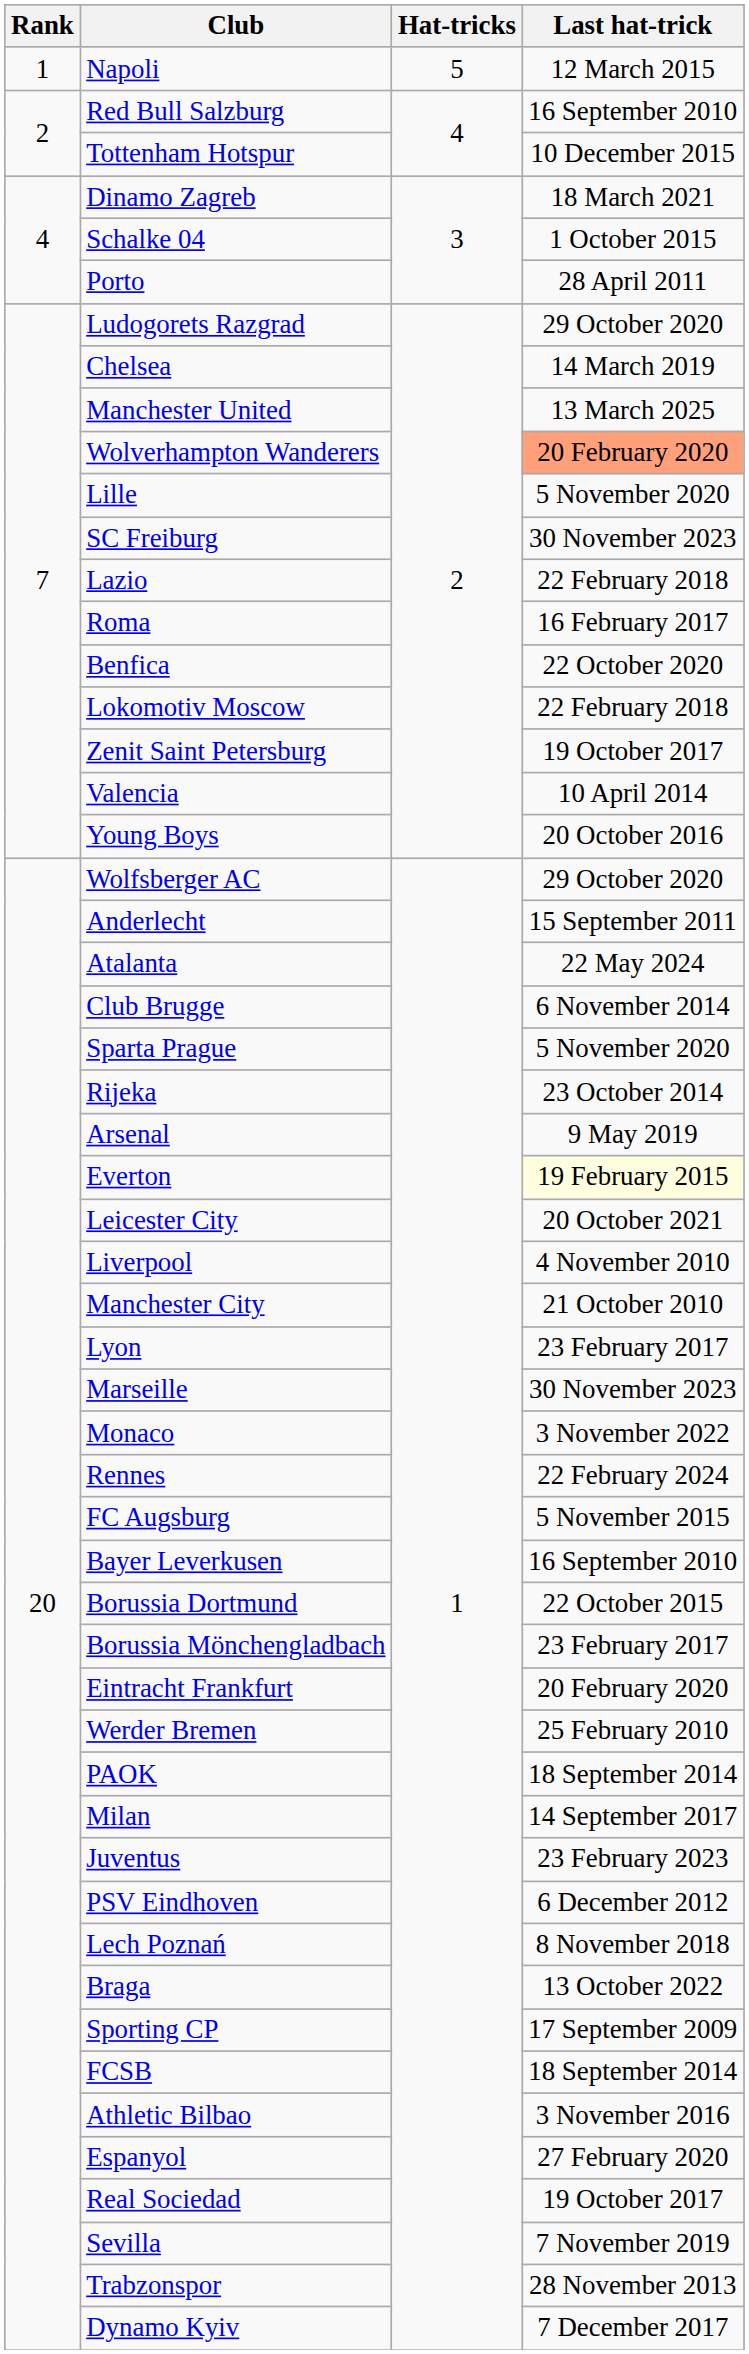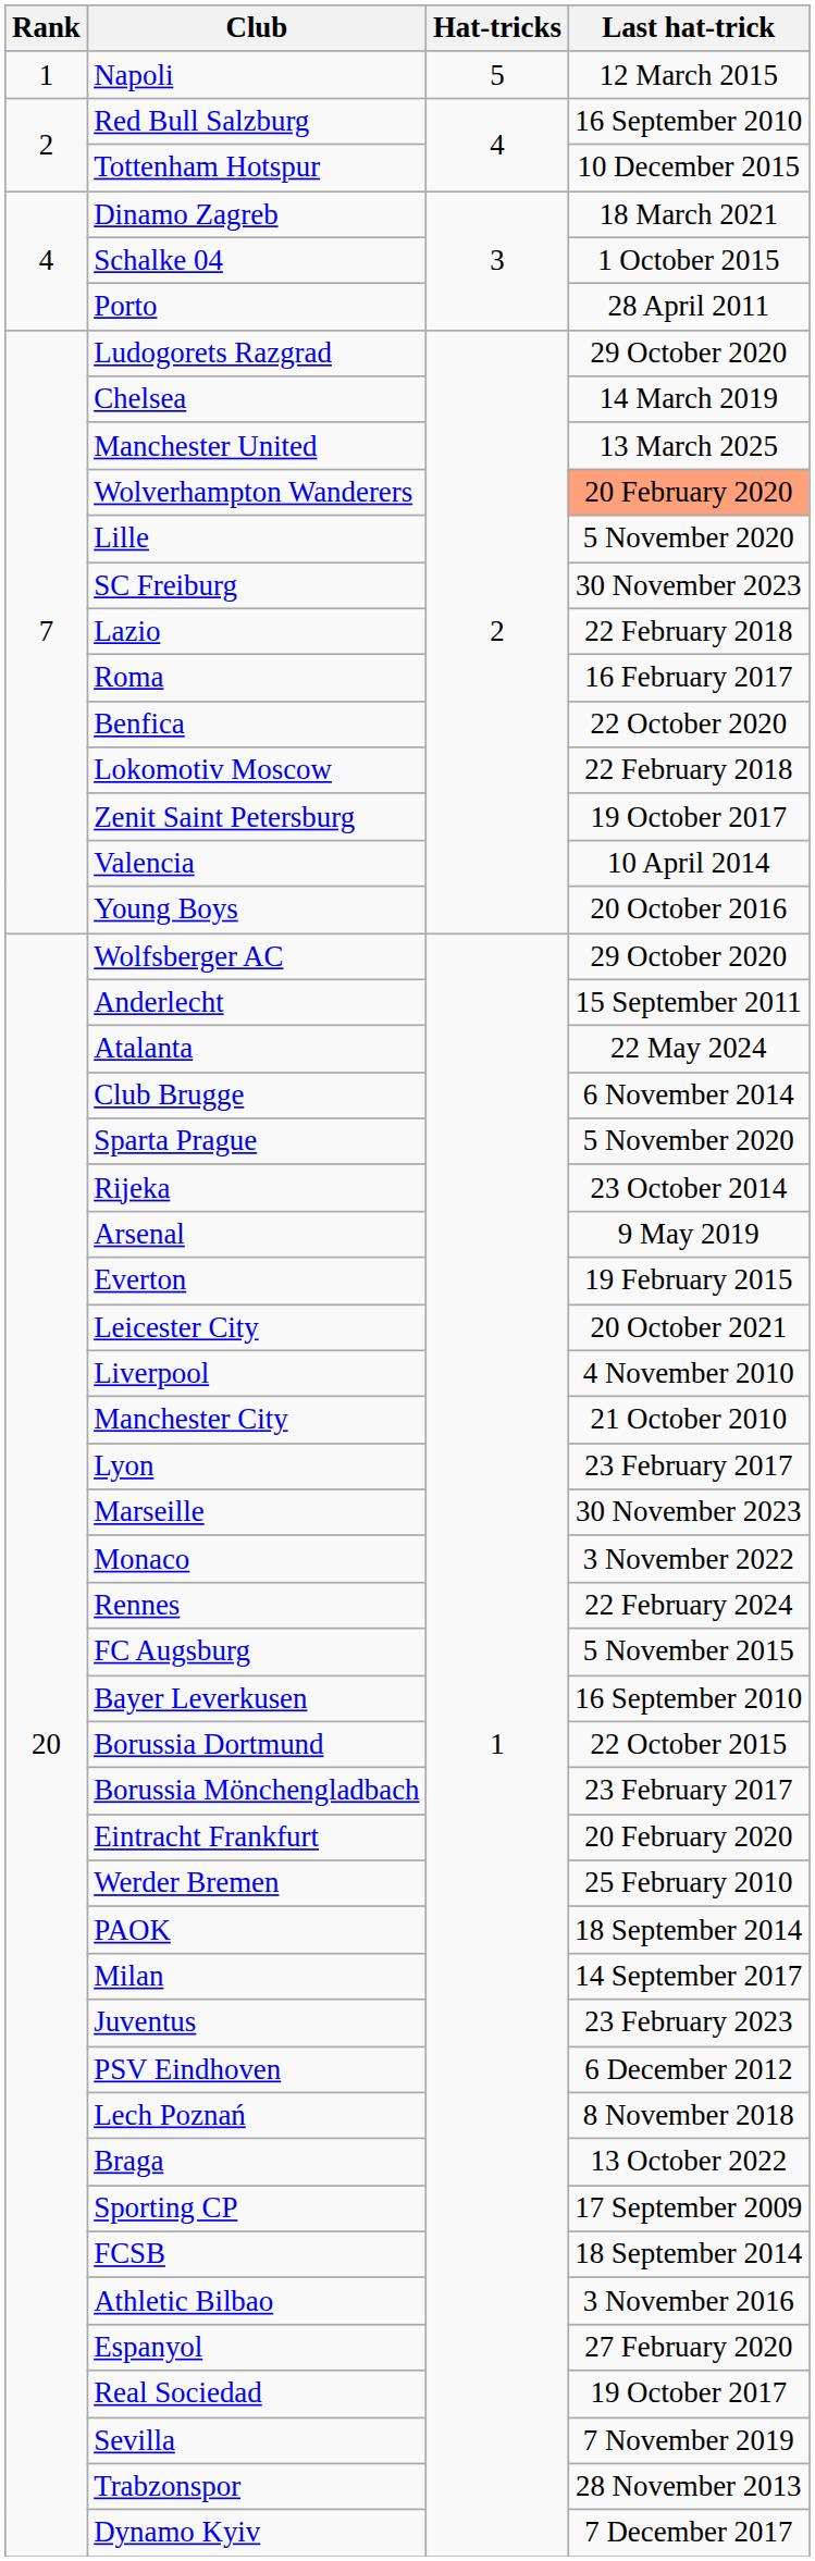 <table class="wikitable sortable plainrowheaders" style="text-align:center">
 <tr>
 <th scope="col">Rank</th>
 <th scope="col">Club</th>
 <th scope="col">Hat-tricks</th>
 <th scope="col">Last hat-trick</th>
 </tr>
 <tr>
 <td>1</td>
 <td scope='row' style='text-align:left'> <a href='#'>Napoli</a></td>
 <td>5</td>
 <td>12 March 2015</td>
 </tr>
 <tr>
 <td rowspan="2">2</td>
 <td scope='row' style='text-align:left'> <a href='#'>Red Bull Salzburg</a></td>
 <td rowspan="2">4</td>
 <td>16 September 2010</td>
 </tr>
 <tr>
 <td scope='row' style='text-align:left'> <a href='#'>Tottenham Hotspur</a></td>
 <td>10 December 2015</td>
 </tr>
 <tr>
 <td rowspan="3">4</td>
 <td scope='row' style='text-align:left'> <a href='#'>Dinamo Zagreb</a></td>
 <td rowspan="3">3</td>
 <td>18 March 2021</td>
 </tr>
 <tr>
 <td scope='row' style='text-align:left'> <a href='#'>Schalke 04</a></td>
 <td>1 October 2015</td>
 </tr>
 <tr>
 <td scope='row' style='text-align:left'> <a href='#'>Porto</a></td>
 <td>28 April 2011</td>
 </tr>
 <tr>
 <td rowspan="13">7</td>
 <td scope='row' style='text-align:left'> <a href='#'>Ludogorets Razgrad</a></td>
 <td rowspan="13">2</td>
 <td>29 October 2020</td>
 </tr>
 <tr>
 <td scope='row' style='text-align:left'> <a href='#'>Chelsea</a></td>
 <td>14 March 2019</td>
 </tr>
 <tr>
 <td scope='row' style='text-align:left'> <a href='#'>Manchester United</a></td>
 <td>13 March 2025</td>
 </tr>
 <tr>
 <td scope='row' style='text-align:left'> <a href='#'>Wolverhampton Wanderers</a></td>
 <td style="background: lightsalmon;">20 February 2020</td>
 </tr>
 <tr>
 <td scope='row' style='text-align:left'> <a href='#'>Lille</a></td>
 <td>5 November 2020</td>
 </tr>
 <tr>
 <td scope='row' style='text-align:left'> <a href='#'>SC Freiburg</a></td>
 <td>30 November 2023</td>
 </tr>
 <tr>
 <td scope='row' style='text-align:left'> <a href='#'>Lazio</a></td>
 <td>22 February 2018</td>
 </tr>
 <tr>
 <td scope='row' style='text-align:left'> <a href='#'>Roma</a></td>
 <td>16 February 2017</td>
 </tr>
 <tr>
 <td scope='row' style='text-align:left'> <a href='#'>Benfica</a></td>
 <td>22 October 2020</td>
 </tr>
 <tr>
 <td scope='row' style='text-align:left'> <a href='#'>Lokomotiv Moscow</a></td>
 <td>22 February 2018</td>
 </tr>
 <tr>
 <td scope='row' style='text-align:left'> <a href='#'>Zenit Saint Petersburg</a></td>
 <td>19 October 2017</td>
 </tr>
 <tr>
 <td scope='row' style='text-align:left'> <a href='#'>Valencia</a></td>
 <td>10 April 2014</td>
 </tr>
 <tr>
 <td scope='row' style='text-align:left'> <a href='#'>Young Boys</a></td>
 <td>20 October 2016</td>
 </tr>
 <tr>
 <td rowspan="35">20</td>
 <td scope='row' style='text-align:left'> <a href='#'>Wolfsberger AC</a></td>
 <td rowspan="35">1</td>
 <td>29 October 2020</td>
 </tr>
 <tr>
 <td scope='row' style='text-align:left'> <a href='#'>Anderlecht</a></td>
 <td>15 September 2011</td>
 </tr>
 <tr>
 <td scope='row' style='text-align:left'> <a href='#'>Atalanta</a></td>
 <td>22 May 2024</td>
 </tr>
 <tr>
 <td scope='row' style='text-align:left'> <a href='#'>Club Brugge</a></td>
 <td>6 November 2014</td>
 </tr>
 <tr>
 <td scope='row' style='text-align:left'> <a href='#'>Sparta Prague</a></td>
 <td>5 November 2020</td>
 </tr>
 <tr>
 <td scope='row' style='text-align:left'> <a href='#'>Rijeka</a></td>
 <td>23 October 2014</td>
 </tr>
 <tr>
 <td scope='row' style='text-align:left'> <a href='#'>Arsenal</a></td>
 <td>9 May 2019</td>
 </tr>
 <tr>
 <td scope='row' style='text-align:left'> <a href='#'>Everton</a></td>
-<td style="background: lightyellow;">19 February 2015</td>
+<td>19 February 2015</td>
 </tr>
 <tr>
 <td scope='row' style='text-align:left'> <a href='#'>Leicester City</a></td>
 <td>20 October 2021</td>
 </tr>
 <tr>
 <td scope='row' style='text-align:left'> <a href='#'>Liverpool</a></td>
 <td>4 November 2010</td>
 </tr>
 <tr>
 <td scope='row' style='text-align:left'> <a href='#'>Manchester City</a></td>
 <td>21 October 2010</td>
 </tr>
 <tr>
 <td scope='row' style='text-align:left'> <a href='#'>Lyon</a></td>
 <td>23 February 2017</td>
 </tr>
 <tr>
 <td scope='row' style='text-align:left'> <a href='#'>Marseille</a></td>
 <td>30 November 2023</td>
 </tr>
 <tr>
 <td scope='row' style='text-align:left'> <a href='#'>Monaco</a></td>
 <td>3 November 2022</td>
 </tr>
 <tr>
 <td scope='row' style='text-align:left'> <a href='#'>Rennes</a></td>
 <td>22 February 2024</td>
 </tr>
 <tr>
 <td scope='row' style='text-align:left'> <a href='#'>FC Augsburg</a></td>
 <td>5 November 2015</td>
 </tr>
 <tr>
 <td scope='row' style='text-align:left'> <a href='#'>Bayer Leverkusen</a></td>
 <td>16 September 2010</td>
 </tr>
 <tr>
 <td scope='row' style='text-align:left'> <a href='#'>Borussia Dortmund</a></td>
 <td>22 October 2015</td>
 </tr>
 <tr>
 <td scope='row' style='text-align:left'> <a href='#'>Borussia Mönchengladbach</a></td>
 <td>23 February 2017</td>
 </tr>
 <tr>
 <td scope='row' style='text-align:left'> <a href='#'>Eintracht Frankfurt</a></td>
 <td>20 February 2020</td>
 </tr>
 <tr>
 <td scope='row' style='text-align:left'> <a href='#'>Werder Bremen</a></td>
 <td>25 February 2010</td>
 </tr>
 <tr>
 <td scope='row' style='text-align:left'> <a href='#'>PAOK</a></td>
 <td>18 September 2014</td>
 </tr>
 <tr>
 <td scope='row' style='text-align:left'> <a href='#'>Milan</a></td>
 <td>14 September 2017</td>
 </tr>
 <tr>
 <td scope='row' style='text-align:left'> <a href='#'>Juventus</a></td>
 <td>23 February 2023</td>
 </tr>
 <tr>
 <td scope='row' style='text-align:left'> <a href='#'>PSV Eindhoven</a></td>
 <td>6 December 2012</td>
 </tr>
 <tr>
 <td scope='row' style='text-align:left'> <a href='#'>Lech Poznań</a></td>
 <td>8 November 2018</td>
 </tr>
 <tr>
 <td scope='row' style='text-align:left'> <a href='#'>Braga</a></td>
 <td>13 October 2022</td>
 </tr>
 <tr>
 <td scope='row' style='text-align:left'> <a href='#'>Sporting CP</a></td>
 <td>17 September 2009</td>
 </tr>
 <tr>
 <td scope='row' style='text-align:left'> <a href='#'>FCSB</a></td>
 <td>18 September 2014</td>
 </tr>
 <tr>
 <td scope='row' style='text-align:left'> <a href='#'>Athletic Bilbao</a></td>
 <td>3 November 2016</td>
 </tr>
 <tr>
 <td scope='row' style='text-align:left'> <a href='#'>Espanyol</a></td>
 <td>27 February 2020</td>
 </tr>
 <tr>
 <td scope='row' style='text-align:left'> <a href='#'>Real Sociedad</a></td>
 <td>19 October 2017</td>
 </tr>
 <tr>
 <td scope='row' style='text-align:left'> <a href='#'>Sevilla</a></td>
 <td>7 November 2019</td>
 </tr>
 <tr>
 <td scope='row' style='text-align:left'> <a href='#'>Trabzonspor</a></td>
 <td>28 November 2013</td>
 </tr>
 <tr>
 <td scope='row' style='text-align:left'> <a href='#'>Dynamo Kyiv</a></td>
 <td>7 December 2017</td>
 </tr>
 </table>
